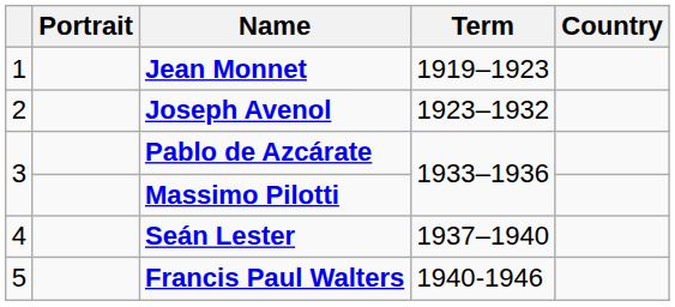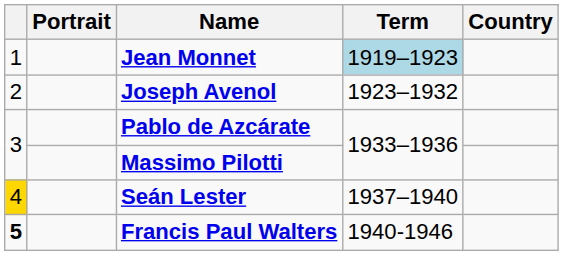 <table class="wikitable">
 <tr>
 <th></th>
 <th>Portrait</th>
 <th>Name</th>
 <th>Term</th>
 <th>Country</th>
 </tr>
 <tr>
 <td>1</td>
 <td></td>
 <td><strong><a href='#'>Jean Monnet</a></strong></td>
-<td>1919–1923</td>
+<td style="background: lightblue;">1919–1923</td>
 <td></td>
 </tr>
 <tr>
 <td>2</td>
 <td></td>
 <td><strong><a href='#'>Joseph Avenol</a></strong></td>
 <td>1923–1932</td>
 <td></td>
 </tr>
 <tr>
 <td rowspan=2>3</td>
 <td></td>
 <td><strong><a href='#'>Pablo de Azcárate</a></strong></td>
 <td rowspan="2">1933–1936</td>
 <td></td>
 </tr>
 <tr>
 <td></td>
 <td><strong><a href='#'>Massimo Pilotti</a></strong></td>
 <td></td>
 </tr>
 <tr>
-<td>4</td>
+<td style="background: gold;">4</td>
 <td></td>
 <td><strong><a href='#'>Seán Lester</a></strong></td>
 <td>1937–1940</td>
 <td></td>
 </tr>
 <tr>
-<td>5</td>
+<td><strong>5</strong></td>
 <td></td>
 <td><strong><a href='#'>Francis Paul Walters</a></strong></td>
 <td>1940-1946</td>
 <td></td>
 </tr>
 </table>
